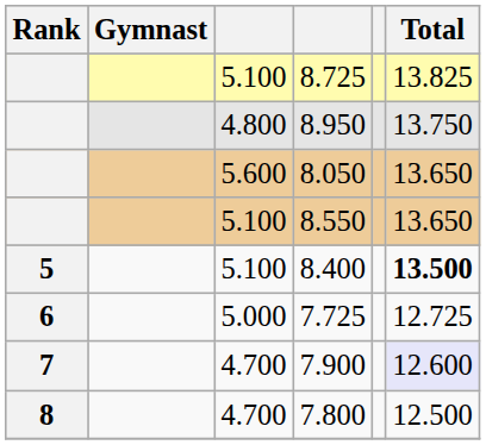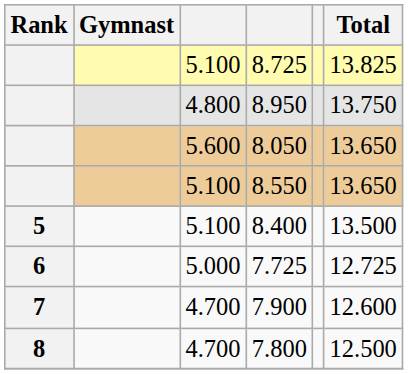 <table class="wikitable sortable" style="text-align:center; font-size:95%">
 <tr>
 <th scope=col>Rank</th>
 <th scope=col>Gymnast</th>
 <th scope=col></th>
 <th scope=col></th>
 <th scope=col></th>
 <th scope=col>Total</th>
 </tr>
 <tr bgcolor=fffcaf>
 <th scope=row></th>
 <td align=left></td>
 <td>5.100</td>
 <td>8.725</td>
 <td></td>
 <td>13.825</td>
 </tr>
 <tr bgcolor=e5e5e5>
 <th scope=row></th>
 <td align=left></td>
 <td>4.800</td>
 <td>8.950</td>
 <td></td>
 <td>13.750</td>
 </tr>
 <tr bgcolor=eecc99>
 <th scope=row></th>
 <td align=left></td>
 <td>5.600</td>
 <td>8.050</td>
 <td></td>
 <td>13.650</td>
 </tr>
 <tr bgcolor=eecc99>
 <th scope=row></th>
 <td align=left></td>
 <td>5.100</td>
 <td>8.550</td>
 <td></td>
 <td>13.650</td>
 </tr>
 <tr>
 <th scope=row>5</th>
 <td align=left></td>
 <td>5.100</td>
 <td>8.400</td>
 <td></td>
-<td><strong>13.500</strong></td>
+<td>13.500</td>
 </tr>
 <tr>
 <th scope=row>6</th>
 <td align=left></td>
 <td>5.000</td>
 <td>7.725</td>
 <td></td>
 <td>12.725</td>
 </tr>
 <tr>
 <th scope=row>7</th>
 <td align=left></td>
 <td>4.700</td>
 <td>7.900</td>
 <td></td>
-<td style="background: lavender;">12.600</td>
+<td>12.600</td>
 </tr>
 <tr>
 <th scope=row>8</th>
 <td align=left></td>
 <td>4.700</td>
 <td>7.800</td>
 <td></td>
 <td>12.500</td>
 </tr>
 <tr>
 </tr>
 </table>
